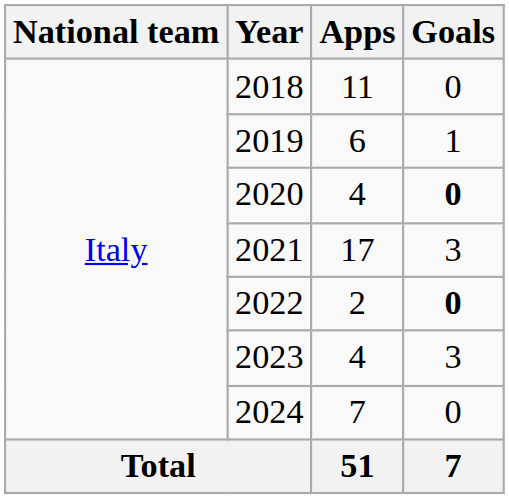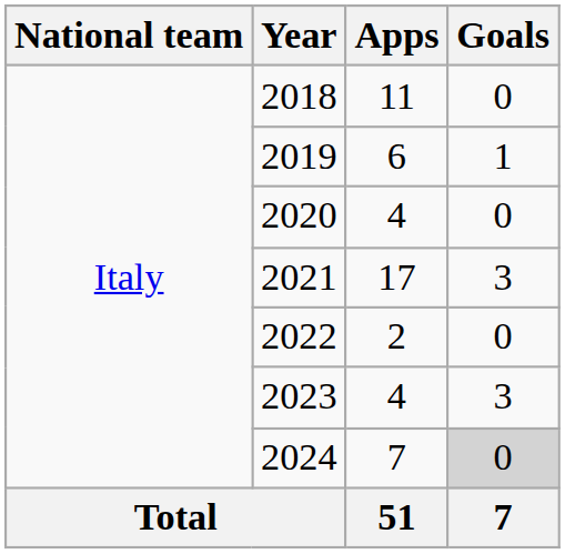 <table class="wikitable" style="text-align: center;">
 <tr>
 <th>National team</th>
 <th>Year</th>
 <th>Apps</th>
 <th>Goals</th>
 </tr>
 <tr>
 <td rowspan="7"><a href='#'>Italy</a></td>
 <td>2018</td>
 <td>11</td>
 <td>0</td>
 </tr>
 <tr>
 <td>2019</td>
 <td>6</td>
 <td>1</td>
 </tr>
 <tr>
 <td>2020</td>
 <td>4</td>
-<td><strong>0</strong></td>
+<td>0</td>
 </tr>
 <tr>
 <td>2021</td>
 <td>17</td>
 <td>3</td>
 </tr>
 <tr>
 <td>2022</td>
 <td>2</td>
-<td><strong>0</strong></td>
+<td>0</td>
 </tr>
 <tr>
 <td>2023</td>
 <td>4</td>
 <td>3</td>
 </tr>
 <tr>
 <td>2024</td>
 <td>7</td>
-<td>0</td>
+<td style="background: lightgrey;">0</td>
 </tr>
 <tr>
 <th colspan="2">Total</th>
 <th>51</th>
 <th>7</th>
 </tr>
 </table>
